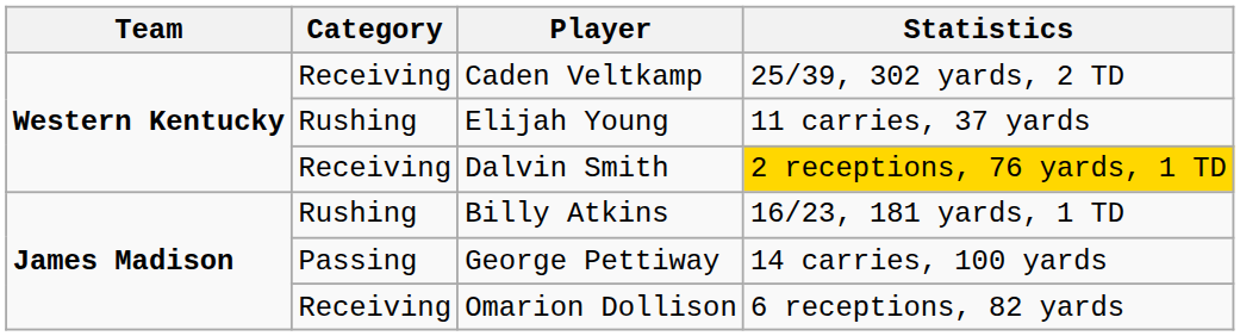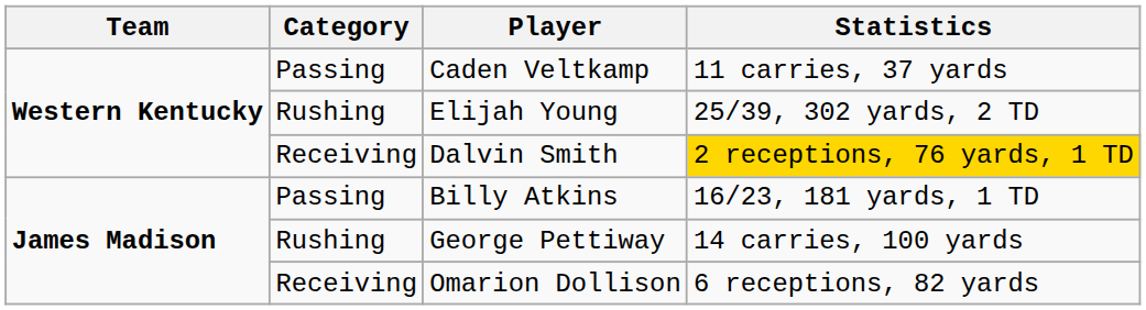 <table class="wikitable" style="float: right;">
 <tr>
 <th>Team</th>
 <th>Category</th>
 <th>Player</th>
 <th>Statistics</th>
 </tr>
 <tr>
 <td rowspan=3><strong>Western Kentucky</strong></td>
-<td>Receiving</td>
+<td>Passing</td>
 <td>Caden Veltkamp</td>
-<td>25/39, 302 yards, 2 TD</td>
+<td>11 carries, 37 yards</td>
 </tr>
 <tr>
 <td>Rushing</td>
 <td>Elijah Young</td>
-<td>11 carries, 37 yards</td>
+<td>25/39, 302 yards, 2 TD</td>
 </tr>
 <tr>
 <td>Receiving</td>
 <td>Dalvin Smith</td>
 <td style="background: gold;">2 receptions, 76 yards, 1 TD</td>
 </tr>
 <tr>
 <td rowspan=3><strong>James Madison</strong></td>
-<td>Rushing</td>
+<td>Passing</td>
 <td>Billy Atkins</td>
 <td>16/23, 181 yards, 1 TD</td>
 </tr>
 <tr>
-<td>Passing</td>
+<td>Rushing</td>
 <td>George Pettiway</td>
 <td>14 carries, 100 yards</td>
 </tr>
 <tr>
 <td>Receiving</td>
 <td>Omarion Dollison</td>
 <td>6 receptions, 82 yards</td>
 </tr>
 </table>
